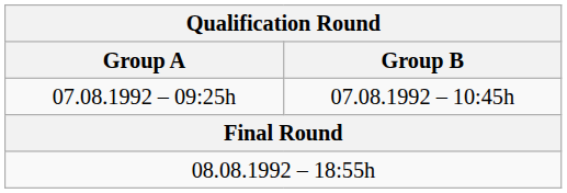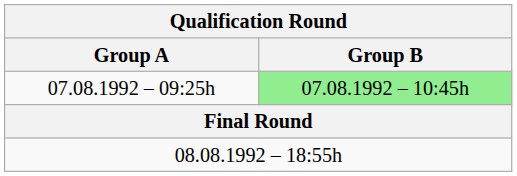 <table class="wikitable" style=" text-align:center; font-size:110%;" width="35%">
 <tr>
 <th colspan="2">Qualification Round</th>
 </tr>
 <tr>
 <th>Group A</th>
 <th>Group B</th>
 </tr>
 <tr>
 <td>07.08.1992 – 09:25h</td>
-<td>07.08.1992 – 10:45h</td>
+<td style="background: lightgreen;">07.08.1992 – 10:45h</td>
 </tr>
 <tr>
 <th colspan="2">Final Round</th>
 </tr>
 <tr>
 <td colspan="2">08.08.1992 – 18:55h</td>
 </tr>
 </table>
